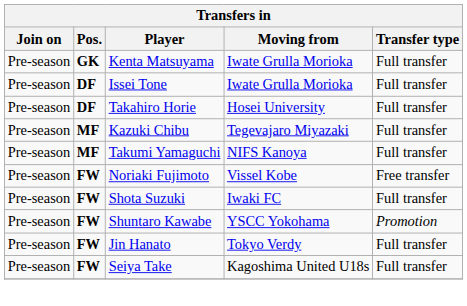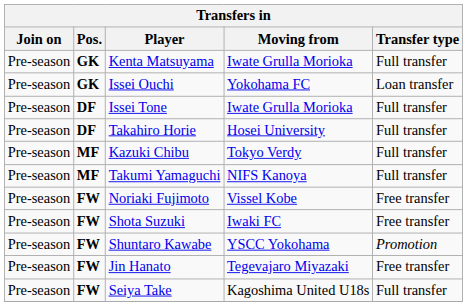 <table class="wikitable sortable" style=“text-align:left;>
 <tr>
 <th colspan="5">Transfers in</th>
 </tr>
 <tr>
 <th>Join on</th>
 <th>Pos.</th>
 <th>Player</th>
 <th>Moving from</th>
 <th>Transfer type</th>
 </tr>
 <tr>
 <td>Pre-season</td>
 <td><strong>GK</strong></td>
 <td> <a href='#'>Kenta Matsuyama</a></td>
 <td> <a href='#'>Iwate Grulla Morioka</a></td>
 <td>Full transfer</td>
 </tr>
 <tr>
 <td>Pre-season</td>
+<td><strong>GK</strong></td>
+<td> <a href='#'>Issei Ouchi</a></td>
+<td> <a href='#'>Yokohama FC</a></td>
+<td>Loan transfer</td>
+</tr>
+<tr>
+<td>Pre-season</td>
 <td><strong>DF</strong></td>
 <td> <a href='#'>Issei Tone</a></td>
 <td> <a href='#'>Iwate Grulla Morioka</a></td>
 <td>Full transfer</td>
 </tr>
 <tr>
 <td>Pre-season</td>
 <td><strong>DF</strong></td>
 <td> <a href='#'>Takahiro Horie</a></td>
 <td> <a href='#'>Hosei University</a></td>
 <td>Full transfer</td>
 </tr>
 <tr>
 <td>Pre-season</td>
 <td><strong>MF</strong></td>
 <td> <a href='#'>Kazuki Chibu</a></td>
-<td> <a href='#'>Tegevajaro Miyazaki</a></td>
+<td> <a href='#'>Tokyo Verdy</a></td>
 <td>Full transfer</td>
 </tr>
 <tr>
 <td>Pre-season</td>
 <td><strong>MF</strong></td>
 <td> <a href='#'>Takumi Yamaguchi</a></td>
 <td> <a href='#'>NIFS Kanoya</a></td>
 <td>Full transfer</td>
 </tr>
 <tr>
 <td>Pre-season</td>
 <td><strong>FW</strong></td>
 <td> <a href='#'>Noriaki Fujimoto</a></td>
 <td> <a href='#'>Vissel Kobe</a></td>
 <td>Free transfer</td>
 </tr>
 <tr>
 <td>Pre-season</td>
 <td><strong>FW</strong></td>
 <td> <a href='#'>Shota Suzuki</a></td>
 <td> <a href='#'>Iwaki FC</a></td>
-<td>Full transfer</td>
+<td>Free transfer</td>
 </tr>
 <tr>
 <td>Pre-season</td>
 <td><strong>FW</strong></td>
 <td> <a href='#'>Shuntaro Kawabe</a></td>
 <td> <a href='#'>YSCC Yokohama</a></td>
 <td><em>Promotion</em></td>
 </tr>
 <tr>
 <td>Pre-season</td>
 <td><strong>FW</strong></td>
 <td> <a href='#'>Jin Hanato</a></td>
-<td> <a href='#'>Tokyo Verdy</a></td>
-<td>Full transfer</td>
+<td> <a href='#'>Tegevajaro Miyazaki</a></td>
+<td>Free transfer</td>
 </tr>
 <tr>
 <td>Pre-season</td>
 <td><strong>FW</strong></td>
 <td> <a href='#'>Seiya Take</a></td>
 <td>Kagoshima United U18s</td>
 <td>Full transfer</td>
 </tr>
 <tr>
 </tr>
 </table>
